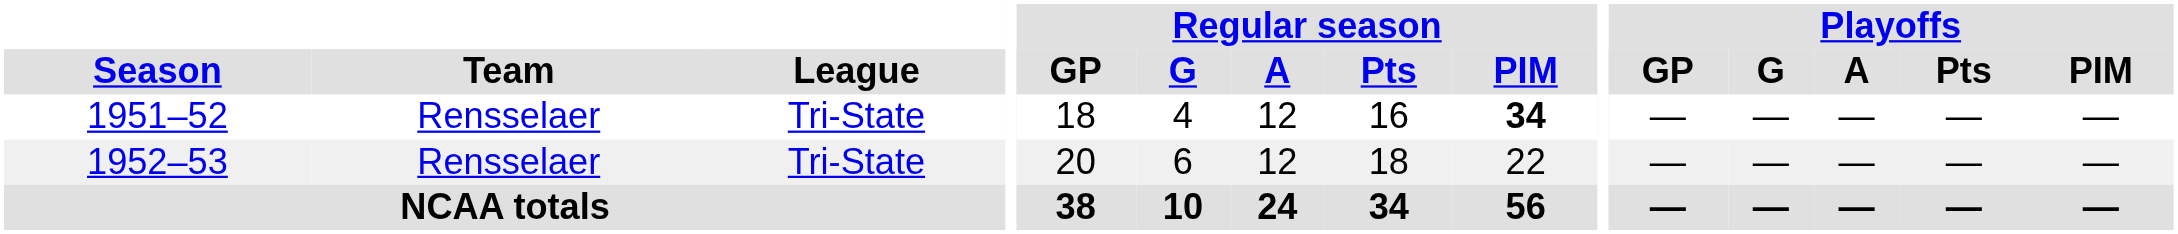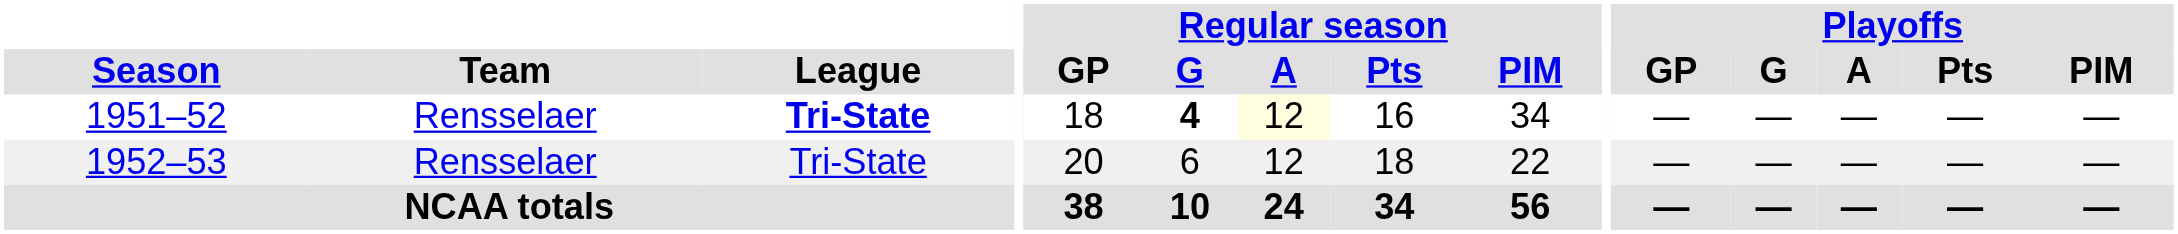 <table border="0" cellpadding="1" cellspacing="0" style="text-align:center; width:60em">
 <tr bgcolor="#e0e0e0">
 <th colspan="3" bgcolor="#ffffff"></th>
 <th rowspan="99" bgcolor="#ffffff"></th>
 <th colspan="5"><a href='#'>Regular season</a></th>
 <th rowspan="99" bgcolor="#ffffff"></th>
 <th colspan="5"><a href='#'>Playoffs</a></th>
 </tr>
 <tr bgcolor="#e0e0e0">
 <th><a href='#'>Season</a></th>
 <th>Team</th>
 <th>League</th>
 <th>GP</th>
 <th><a href='#'>G</a></th>
 <th><a href='#'>A</a></th>
 <th><a href='#'>Pts</a></th>
 <th><a href='#'>PIM</a></th>
 <th>GP</th>
 <th>G</th>
 <th>A</th>
 <th>Pts</th>
 <th>PIM</th>
 </tr>
 <tr>
 <td><a href='#'>1951–52</a></td>
 <td><a href='#'>Rensselaer</a></td>
-<td><a href='#'>Tri-State</a></td>
+<td><strong><a href='#'>Tri-State</a></strong></td>
 <td>18</td>
-<td>4</td>
-<td>12</td>
+<td><strong>4</strong></td>
+<td style="background: lightyellow;">12</td>
 <td>16</td>
-<td><strong>34</strong></td>
+<td>34</td>
 <td>—</td>
 <td>—</td>
 <td>—</td>
 <td>—</td>
 <td>—</td>
 </tr>
 <tr bgcolor="#f0f0f0">
 <td><a href='#'>1952–53</a></td>
 <td><a href='#'>Rensselaer</a></td>
 <td><a href='#'>Tri-State</a></td>
 <td>20</td>
 <td>6</td>
 <td>12</td>
 <td>18</td>
 <td>22</td>
 <td>—</td>
 <td>—</td>
 <td>—</td>
 <td>—</td>
 <td>—</td>
 </tr>
 <tr bgcolor="#e0e0e0">
 <th colspan="3">NCAA totals</th>
 <th>38</th>
 <th>10</th>
 <th>24</th>
 <th>34</th>
 <th>56</th>
 <th>—</th>
 <th>—</th>
 <th>—</th>
 <th>—</th>
 <th>—</th>
 </tr>
 </table>
